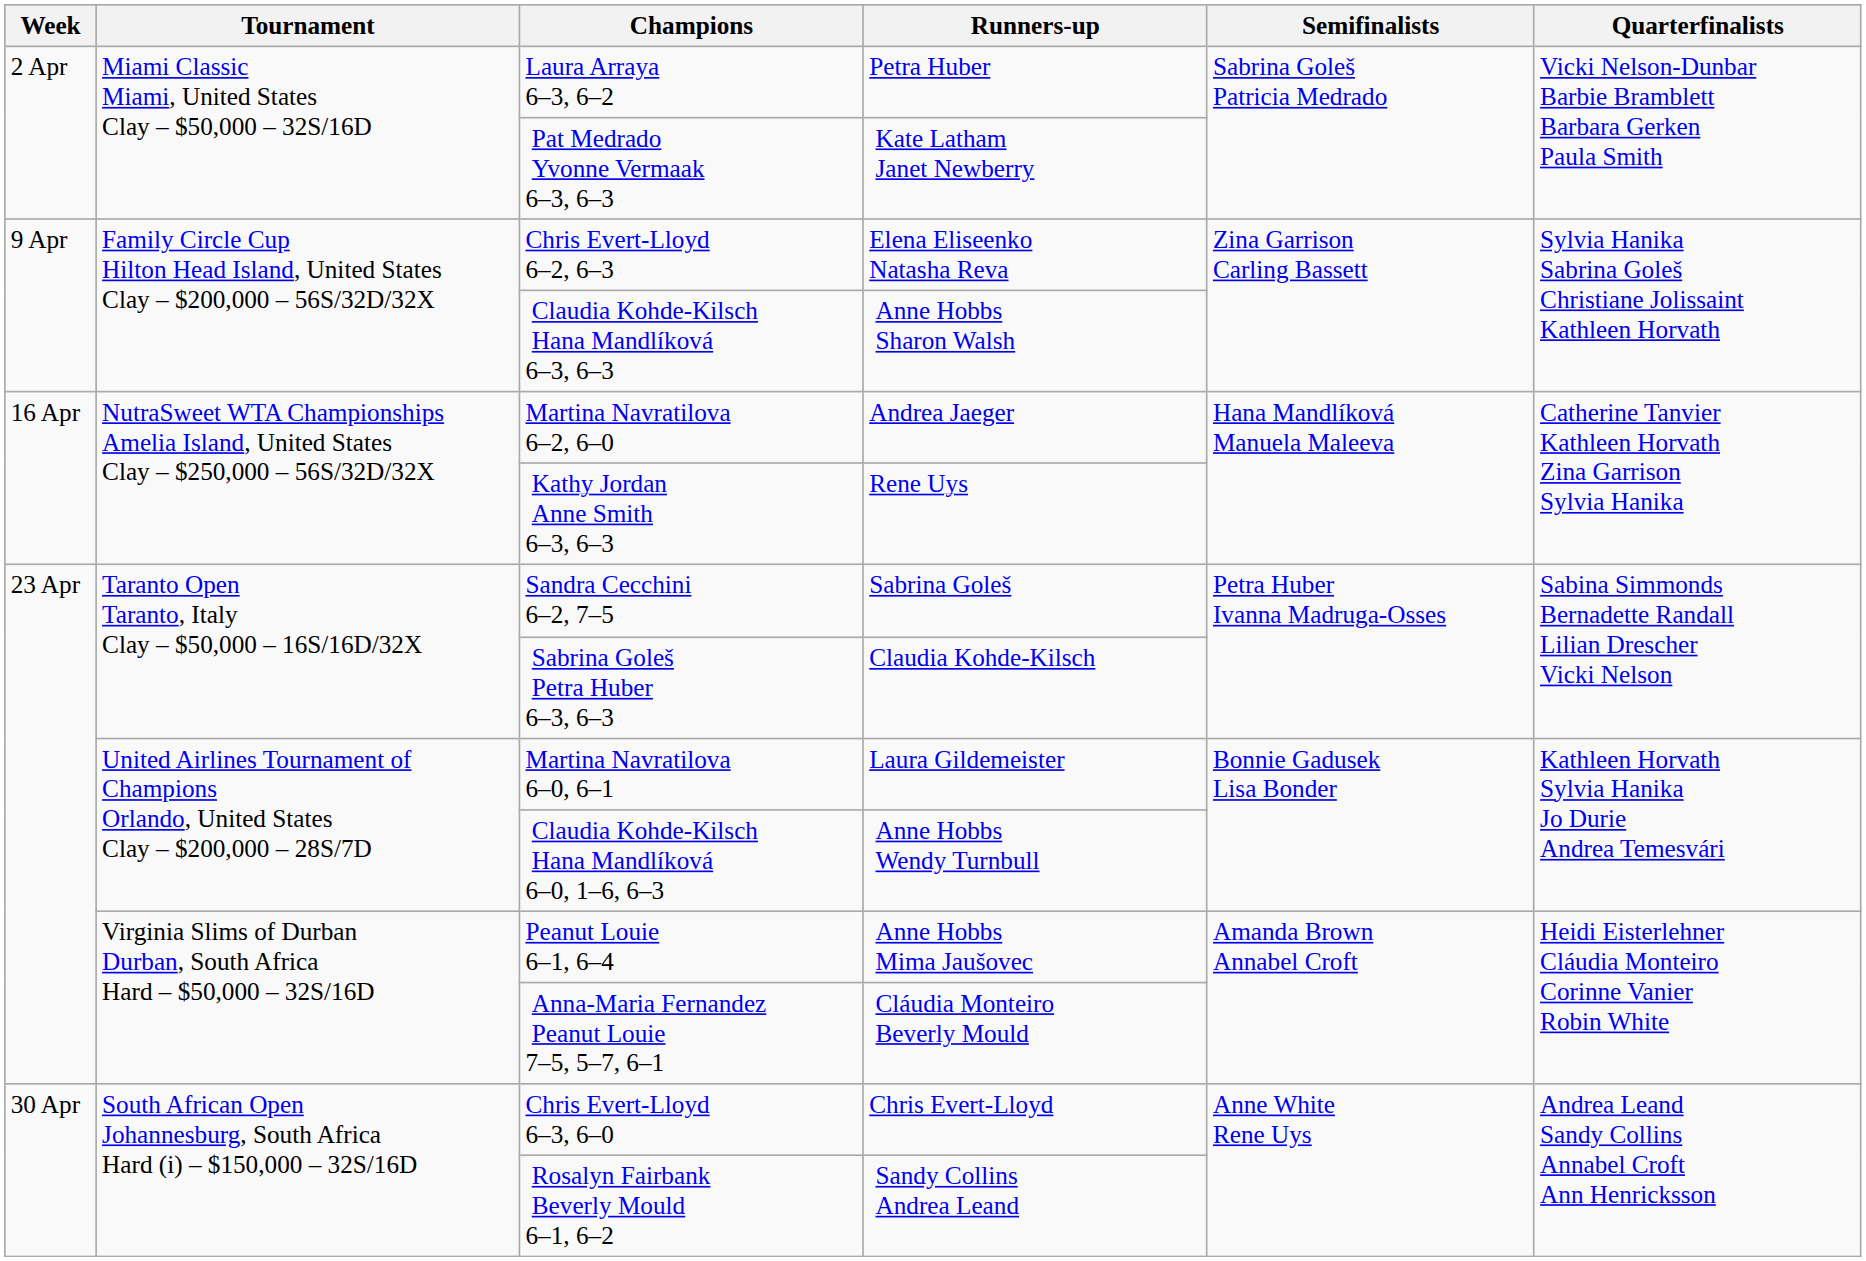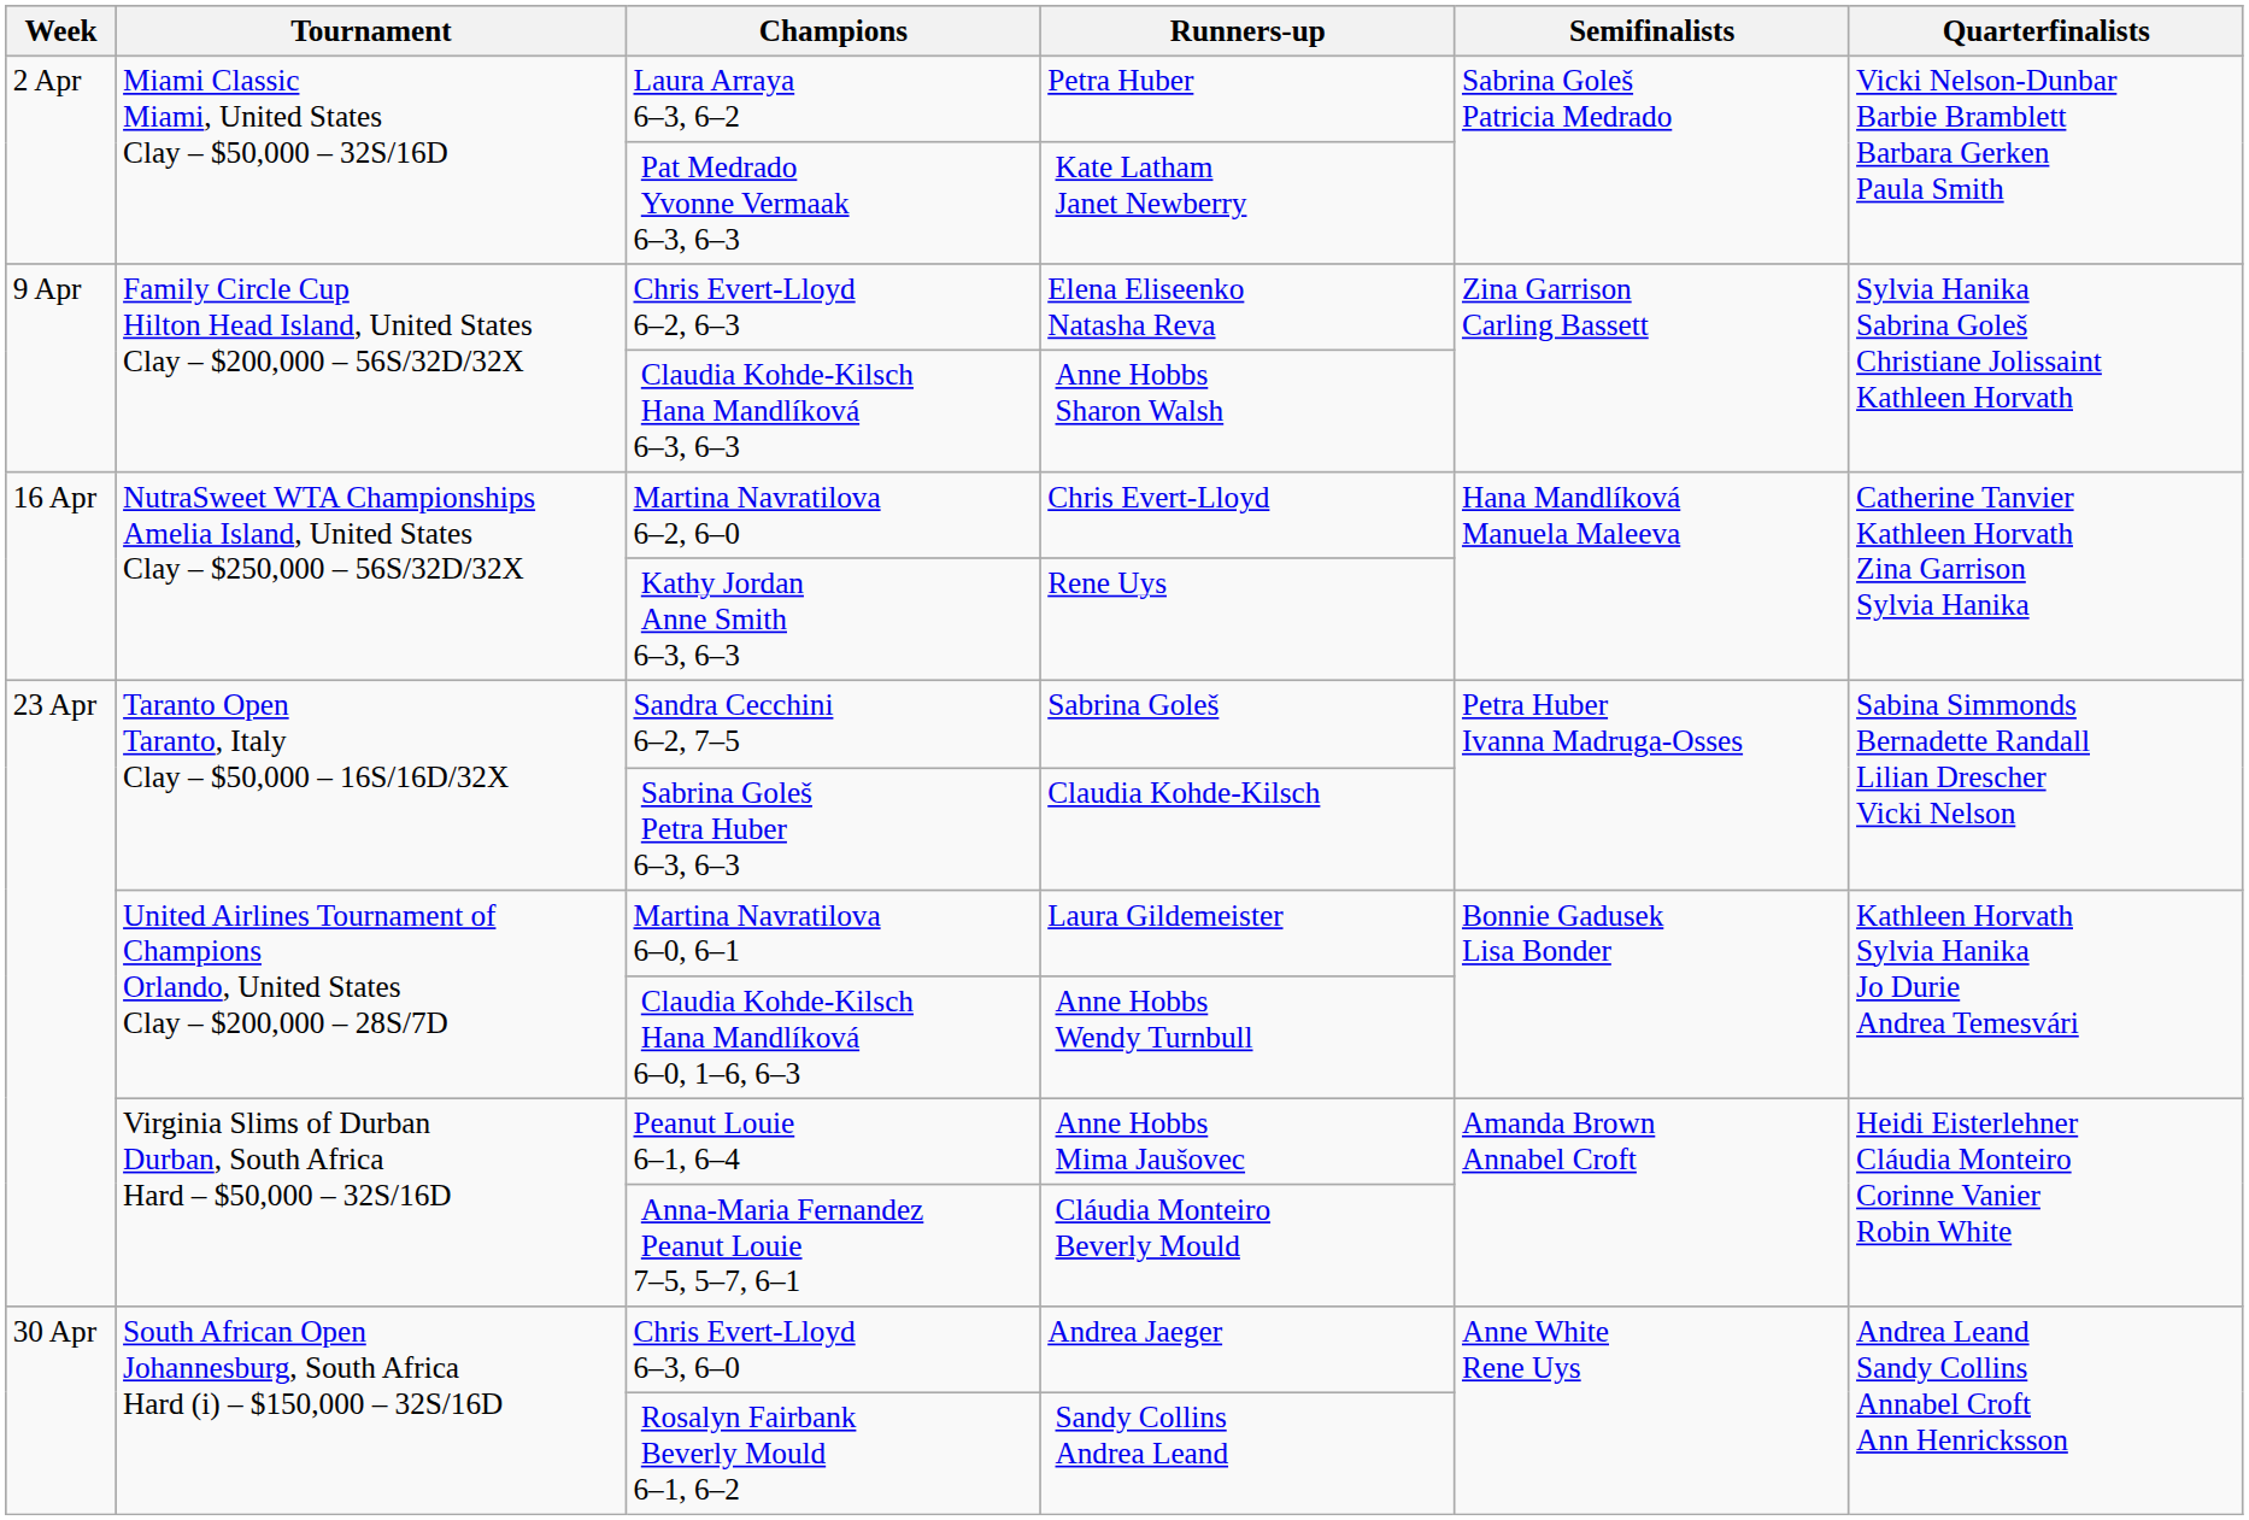 <table class=wikitable style=font-size:95%>
 <tr>
 <th style="width:48px;">Week</th>
 <th style="width:248px;">Tournament</th>
 <th style="width:200px;">Champions</th>
 <th style="width:200px;">Runners-up</th>
 <th style="width:190px;">Semifinalists</th>
 <th style="width:190px;">Quarterfinalists</th>
 </tr>
 <tr valign="top">
 <td rowspan=2>2 Apr</td>
 <td rowspan=2><a href='#'>Miami Classic</a><br> <a href='#'>Miami</a>, United States<br>Clay – $50,000 – 32S/16D</td>
 <td> <a href='#'>Laura Arraya</a><br>6–3, 6–2</td>
 <td> <a href='#'>Petra Huber</a></td>
 <td rowspan=2> <a href='#'>Sabrina Goleš</a> <br> <a href='#'>Patricia Medrado</a></td>
 <td rowspan=2> <a href='#'>Vicki Nelson-Dunbar</a> <br> <a href='#'>Barbie Bramblett</a> <br> <a href='#'>Barbara Gerken</a> <br> <a href='#'>Paula Smith</a></td>
 </tr>
 <tr valign="top">
 <td> <a href='#'>Pat Medrado</a><br> <a href='#'>Yvonne Vermaak</a><br>6–3, 6–3</td>
 <td> <a href='#'>Kate Latham</a><br> <a href='#'>Janet Newberry</a></td>
 </tr>
 <tr valign="top">
 <td rowspan=2>9 Apr</td>
 <td rowspan=2><a href='#'>Family Circle Cup</a><br> <a href='#'>Hilton Head Island</a>, United States<br>Clay – $200,000 – 56S/32D/32X</td>
 <td> <a href='#'>Chris Evert-Lloyd</a><br>6–2, 6–3</td>
 <td> <a href='#'>Elena Eliseenko</a><br> <a href='#'>Natasha Reva</a></td>
 <td rowspan=2> <a href='#'>Zina Garrison</a> <br> <a href='#'>Carling Bassett</a></td>
 <td rowspan=2> <a href='#'>Sylvia Hanika</a> <br> <a href='#'>Sabrina Goleš</a> <br> <a href='#'>Christiane Jolissaint</a> <br> <a href='#'>Kathleen Horvath</a></td>
 </tr>
 <tr valign="top">
 <td> <a href='#'>Claudia Kohde-Kilsch</a><br> <a href='#'>Hana Mandlíková</a><br>6–3, 6–3</td>
 <td> <a href='#'>Anne Hobbs</a><br> <a href='#'>Sharon Walsh</a></td>
 </tr>
 <tr valign="top">
 <td rowspan=2>16 Apr</td>
 <td rowspan=2><a href='#'>NutraSweet WTA Championships</a><br> <a href='#'>Amelia Island</a>, United States<br>Clay – $250,000 – 56S/32D/32X</td>
 <td> <a href='#'>Martina Navratilova</a><br>6–2, 6–0</td>
-<td> <a href='#'>Andrea Jaeger</a></td>
+<td> <a href='#'>Chris Evert-Lloyd</a></td>
 <td rowspan=2> <a href='#'>Hana Mandlíková</a> <br> <a href='#'>Manuela Maleeva</a></td>
 <td rowspan=2> <a href='#'>Catherine Tanvier</a> <br> <a href='#'>Kathleen Horvath</a> <br> <a href='#'>Zina Garrison</a> <br> <a href='#'>Sylvia Hanika</a></td>
 </tr>
 <tr valign="top">
 <td> <a href='#'>Kathy Jordan</a><br> <a href='#'>Anne Smith</a><br>6–3, 6–3</td>
 <td> <a href='#'>Rene Uys</a></td>
 </tr>
 <tr valign="top">
 <td rowspan=6>23 Apr</td>
 <td rowspan=2><a href='#'>Taranto Open</a><br> <a href='#'>Taranto</a>, Italy<br>Clay – $50,000 – 16S/16D/32X</td>
 <td> <a href='#'>Sandra Cecchini</a><br>6–2, 7–5</td>
 <td> <a href='#'>Sabrina Goleš</a></td>
 <td rowspan=2> <a href='#'>Petra Huber</a> <br> <a href='#'>Ivanna Madruga-Osses</a></td>
 <td rowspan=2> <a href='#'>Sabina Simmonds</a> <br> <a href='#'>Bernadette Randall</a> <br> <a href='#'>Lilian Drescher</a> <br> <a href='#'>Vicki Nelson</a></td>
 </tr>
 <tr valign="top">
 <td> <a href='#'>Sabrina Goleš</a><br> <a href='#'>Petra Huber</a><br>6–3, 6–3</td>
 <td> <a href='#'>Claudia Kohde-Kilsch</a></td>
 </tr>
 <tr valign="top">
 <td rowspan=2><a href='#'>United Airlines Tournament of Champions</a><br> <a href='#'>Orlando</a>, United States<br>Clay – $200,000 – 28S/7D</td>
 <td> <a href='#'>Martina Navratilova</a><br>6–0, 6–1</td>
 <td> <a href='#'>Laura Gildemeister</a></td>
 <td rowspan=2> <a href='#'>Bonnie Gadusek</a> <br> <a href='#'>Lisa Bonder</a></td>
 <td rowspan=2> <a href='#'>Kathleen Horvath</a>  <br> <a href='#'>Sylvia Hanika</a> <br> <a href='#'>Jo Durie</a> <br> <a href='#'>Andrea Temesvári</a></td>
 </tr>
 <tr valign="top">
 <td> <a href='#'>Claudia Kohde-Kilsch</a><br> <a href='#'>Hana Mandlíková</a><br>6–0, 1–6, 6–3</td>
 <td> <a href='#'>Anne Hobbs</a><br> <a href='#'>Wendy Turnbull</a></td>
 </tr>
 <tr valign="top">
 <td rowspan=2>Virginia Slims of Durban<br> <a href='#'>Durban</a>, South Africa<br>Hard – $50,000 – 32S/16D</td>
 <td> <a href='#'>Peanut Louie</a><br>6–1, 6–4</td>
 <td> <a href='#'>Anne Hobbs</a><br> <a href='#'>Mima Jaušovec</a></td>
 <td rowspan=2> <a href='#'>Amanda Brown</a> <br> <a href='#'>Annabel Croft</a></td>
 <td rowspan=2> <a href='#'>Heidi Eisterlehner</a>  <br> <a href='#'>Cláudia Monteiro</a> <br> <a href='#'>Corinne Vanier</a> <br> <a href='#'>Robin White</a></td>
 </tr>
 <tr valign="top">
 <td> <a href='#'>Anna-Maria Fernandez</a><br> <a href='#'>Peanut Louie</a><br>7–5, 5–7, 6–1</td>
 <td> <a href='#'>Cláudia Monteiro</a><br> <a href='#'>Beverly Mould</a></td>
 </tr>
 <tr valign="top">
 <td rowspan=2>30 Apr</td>
 <td rowspan=2><a href='#'>South African Open</a><br> <a href='#'>Johannesburg</a>, South Africa<br>Hard (i) – $150,000 – 32S/16D</td>
 <td> <a href='#'>Chris Evert-Lloyd</a><br>6–3, 6–0</td>
-<td> <a href='#'>Chris Evert-Lloyd</a></td>
+<td> <a href='#'>Andrea Jaeger</a></td>
 <td rowspan=2> <a href='#'>Anne White</a> <br> <a href='#'>Rene Uys</a></td>
 <td rowspan=2> <a href='#'>Andrea Leand</a>  <br> <a href='#'>Sandy Collins</a> <br> <a href='#'>Annabel Croft</a> <br> <a href='#'>Ann Henricksson</a></td>
 </tr>
 <tr valign="top">
 <td> <a href='#'>Rosalyn Fairbank</a><br> <a href='#'>Beverly Mould</a><br>6–1, 6–2</td>
 <td> <a href='#'>Sandy Collins</a><br> <a href='#'>Andrea Leand</a></td>
 </tr>
 </table>
